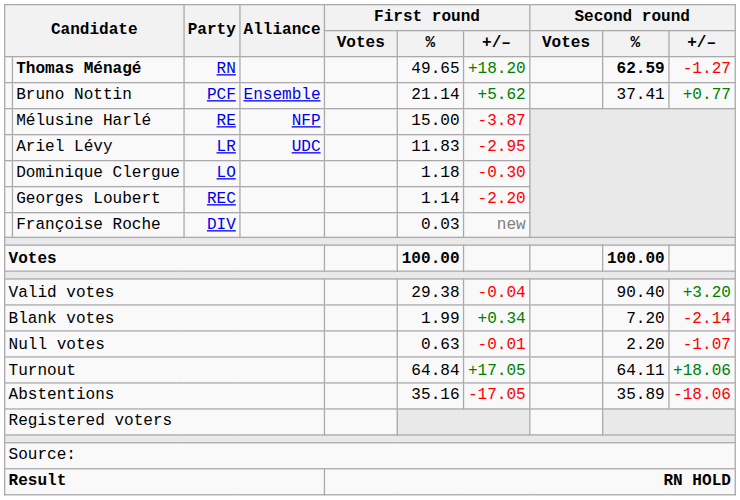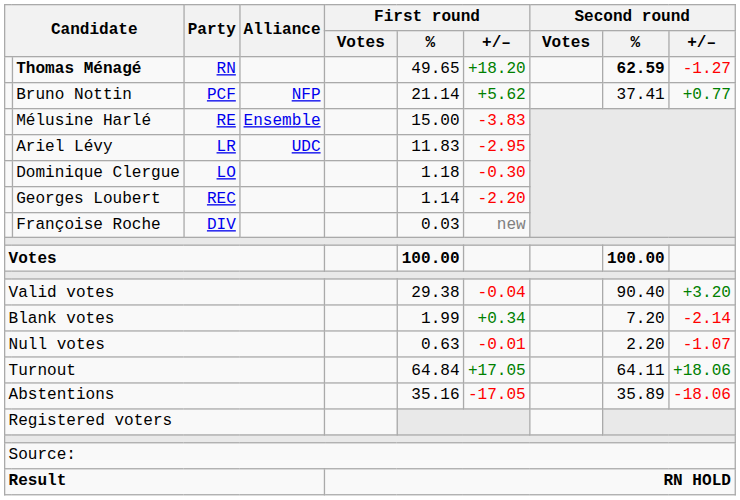 <table class="wikitable" style="text-align:right;font-size:95%;">
 <tr>
 <th rowspan="2" colspan="2">Candidate</th>
 <th colspan="1" rowspan="2">Party</th>
 <th colspan="1" rowspan="2">Alliance</th>
 <th colspan="3">First round</th>
 <th colspan="3">Second round</th>
 </tr>
 <tr>
 <th style="width:50px;">Votes</th>
 <th style="width:45px;">%</th>
 <th style="width:45px;">+/–</th>
 <th style="width:50px;">Votes</th>
 <th style="width:45px;">%</th>
 <th style="width:45px;">+/–</th>
 </tr>
 <tr>
 <td style="color:inherit;background:"></td>
 <td style="text-align:left;"><strong>Thomas Ménagé</strong></td>
 <td><a href='#'>RN</a></td>
 <td></td>
 <td></td>
 <td>49.65</td>
 <td style="color:green;">+18.20</td>
 <td><strong></strong></td>
 <td><strong>62.59</strong></td>
 <td style="color:red;">-1.27</td>
 </tr>
 <tr>
 <td style="color:inherit;background:"></td>
 <td style="text-align:left;">Bruno Nottin</td>
 <td><a href='#'>PCF</a></td>
-<td><a href='#'>Ensemble</a></td>
+<td><a href='#'>NFP</a></td>
 <td></td>
 <td>21.14</td>
 <td style="color:green;">+5.62</td>
 <td></td>
 <td>37.41</td>
 <td style="color:green;">+0.77</td>
 </tr>
 <tr>
 <td style="color:inherit;background:"></td>
 <td style="text-align:left;">Mélusine Harlé</td>
 <td><a href='#'>RE</a></td>
-<td><a href='#'>NFP</a></td>
+<td><a href='#'>Ensemble</a></td>
 <td></td>
 <td>15.00</td>
-<td style="color:red;">-3.87</td>
+<td style="color:red;">-3.83</td>
 <td colspan="3" rowspan="5" style="background:#E9E9E9;"></td>
 </tr>
 <tr>
 <td style="color:inherit;background:"></td>
 <td style="text-align:left;">Ariel Lévy</td>
 <td><a href='#'>LR</a></td>
 <td><a href='#'>UDC</a></td>
 <td></td>
 <td>11.83</td>
 <td style="color:red;">-2.95</td>
 </tr>
 <tr>
 <td style="color:inherit;background:"></td>
 <td style="text-align:left;">Dominique Clergue</td>
 <td><a href='#'>LO</a></td>
 <td></td>
 <td></td>
 <td>1.18</td>
 <td style="color:red;">-0.30</td>
 </tr>
 <tr>
 <td style="color:inherit;background:"></td>
 <td style="text-align:left;">Georges Loubert</td>
 <td><a href='#'>REC</a></td>
 <td></td>
 <td></td>
 <td>1.14</td>
 <td style="color:red;">-2.20</td>
 </tr>
 <tr>
 <td style="color:inherit;background:"></td>
 <td style="text-align:left;">Françoise Roche</td>
 <td><a href='#'>DIV</a></td>
 <td></td>
 <td></td>
 <td>0.03</td>
 <td style="color:grey;">new</td>
 </tr>
 <tr>
 <td colspan="10" style="background:#E9E9E9;"></td>
 </tr>
 <tr style="font-weight:bold;">
 <td colspan="4" style="text-align:left;">Votes</td>
 <td></td>
 <td>100.00</td>
 <td></td>
 <td></td>
 <td>100.00</td>
 <td></td>
 </tr>
 <tr>
 <td colspan="10" style="background:#E9E9E9;"></td>
 </tr>
 <tr>
 <td colspan="4" style="text-align:left;">Valid votes</td>
 <td></td>
 <td>29.38</td>
 <td style="color:red;">-0.04</td>
 <td></td>
 <td>90.40</td>
 <td style="color:green;">+3.20</td>
 </tr>
 <tr>
 <td colspan="4" style="text-align:left;">Blank votes</td>
 <td></td>
 <td>1.99</td>
 <td style="color:green;">+0.34</td>
 <td></td>
 <td>7.20</td>
 <td style="color:red;">-2.14</td>
 </tr>
 <tr>
 <td colspan="4" style="text-align:left;">Null votes</td>
 <td></td>
 <td>0.63</td>
 <td style="color:red;">-0.01</td>
 <td></td>
 <td>2.20</td>
 <td style="color:red;">-1.07</td>
 </tr>
 <tr>
 <td colspan="4" style="text-align:left;">Turnout</td>
 <td></td>
 <td>64.84</td>
 <td style="color:green;">+17.05</td>
 <td></td>
 <td>64.11</td>
 <td style="color:green;">+18.06</td>
 </tr>
 <tr>
 <td colspan="4" style="text-align:left;">Abstentions</td>
 <td></td>
 <td>35.16</td>
 <td style="color:red;">-17.05</td>
 <td></td>
 <td>35.89</td>
 <td style="color:red;">-18.06</td>
 </tr>
 <tr>
 <td colspan="4" style="text-align:left;">Registered voters</td>
 <td></td>
 <td colspan="2" style="background:#E9E9E9;"></td>
 <td></td>
 <td colspan="2" style="background:#E9E9E9;"></td>
 </tr>
 <tr>
 <td colspan="10" style="background:#E9E9E9;"></td>
 </tr>
 <tr>
 <td colspan="10" style="text-align:left;">Source: </td>
 </tr>
 <tr style="font-weight:bold">
 <td colspan="4" style="text-align:left;">Result</td>
 <td colspan="6" style="background-color:">RN HOLD</td>
 </tr>
 </table>
